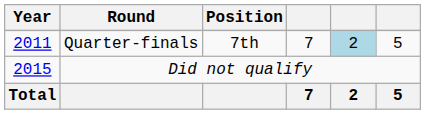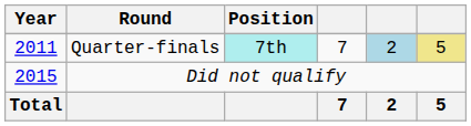 <table class="wikitable" style="text-align:center;">
 <tr>
 <th>Year</th>
 <th>Round</th>
 <th>Position</th>
 <th width=30></th>
 <th width=30></th>
 <th width=30></th>
 </tr>
 <tr>
 </tr>
 <tr>
 <td> <a href='#'>2011</a></td>
 <td>Quarter-finals</td>
-<td>7th</td>
+<td style="background: paleturquoise;">7th</td>
 <td>7</td>
 <td style="background: lightblue;">2</td>
-<td>5</td>
+<td style="background: khaki;">5</td>
 </tr>
 <tr>
 <td> <a href='#'>2015</a></td>
 <td colspan=5><em>Did not qualify</em></td>
 </tr>
 <tr>
 <th>Total</th>
 <th></th>
 <th></th>
 <th>7</th>
 <th>2</th>
 <th>5</th>
 </tr>
 </table>
